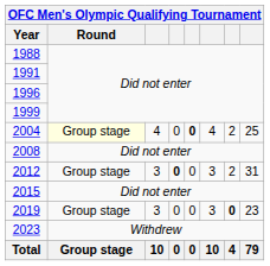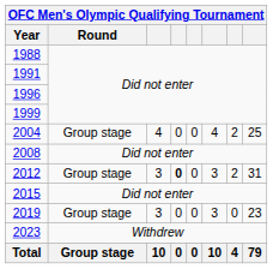 <table class="wikitable" style="text-align: center;">
 <tr>
 <th colspan=8><a href='#'>OFC Men's Olympic Qualifying Tournament</a></th>
 </tr>
 <tr>
 <th>Year</th>
 <th>Round</th>
 <th></th>
 <th></th>
 <th></th>
 <th></th>
 <th></th>
 <th></th>
 </tr>
 <tr>
 <td>  <a href='#'>1988</a></td>
 <td colspan=7 rowspan=4><em>Did not enter</em></td>
 </tr>
 <tr>
 <td> <a href='#'>1991</a></td>
 </tr>
 <tr>
 <td> <a href='#'>1996</a></td>
 </tr>
 <tr>
 <td> <a href='#'>1999</a></td>
 </tr>
 <tr>
 <td>  <a href='#'>2004</a></td>
-<td style="background: lightyellow;">Group stage</td>
+<td>Group stage</td>
 <td>4</td>
 <td>0</td>
-<td><strong>0</strong></td>
+<td>0</td>
 <td>4</td>
 <td>2</td>
 <td>25</td>
 </tr>
 <tr>
 <td> <a href='#'>2008</a></td>
 <td colspan=7><em>Did not enter</em></td>
 </tr>
 <tr>
 <td> <a href='#'>2012</a></td>
 <td>Group stage</td>
 <td>3</td>
 <td><strong>0</strong></td>
 <td>0</td>
 <td>3</td>
 <td>2</td>
 <td>31</td>
 </tr>
 <tr>
 <td> <a href='#'>2015</a></td>
 <td colspan=7><em>Did not enter</em></td>
 </tr>
 <tr>
 <td> <a href='#'>2019</a></td>
 <td>Group stage</td>
 <td>3</td>
 <td>0</td>
 <td>0</td>
 <td>3</td>
-<td><strong>0</strong></td>
+<td>0</td>
 <td>23</td>
 </tr>
 <tr>
 <td> <a href='#'>2023</a></td>
 <td colspan=7><em>Withdrew</em></td>
 </tr>
 <tr>
 <th><strong>Total</strong></th>
 <th>Group stage</th>
 <th><strong>10</strong></th>
 <th><strong>0</strong></th>
 <th><strong>0</strong></th>
 <th><strong>10</strong></th>
 <th><strong>4</strong></th>
 <th><strong>79</strong></th>
 </tr>
 </table>
